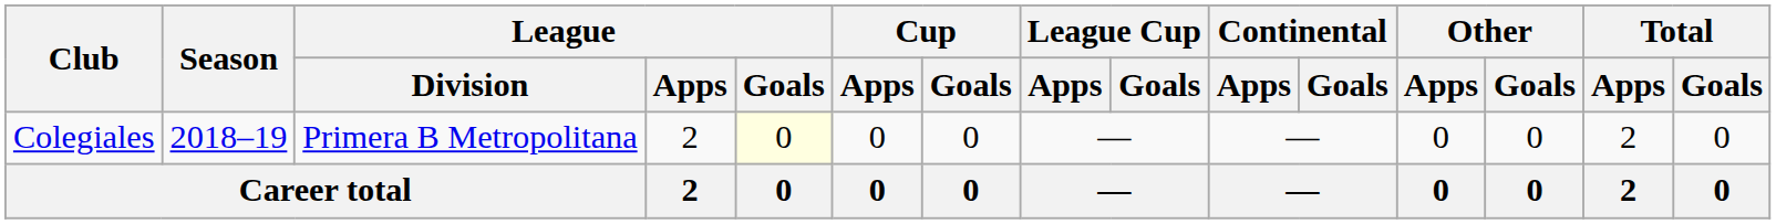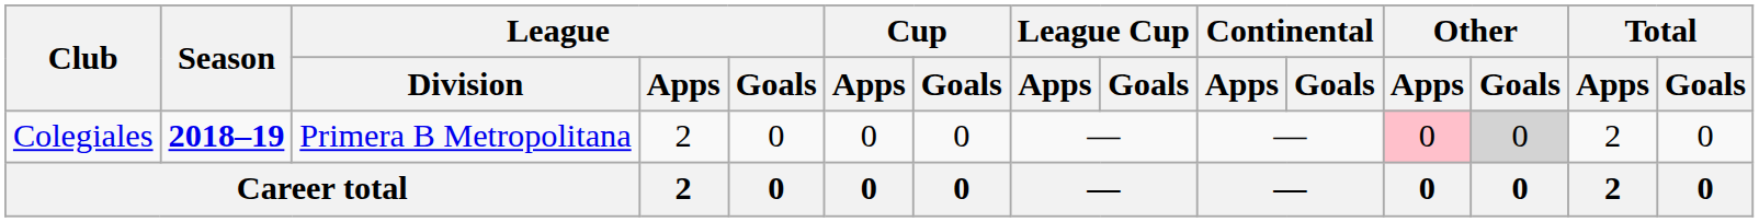 <table class="wikitable" style="text-align:center">
 <tr>
 <th rowspan="2">Club</th>
 <th rowspan="2">Season</th>
 <th colspan="3">League</th>
 <th colspan="2">Cup</th>
 <th colspan="2">League Cup</th>
 <th colspan="2">Continental</th>
 <th colspan="2">Other</th>
 <th colspan="2">Total</th>
 </tr>
 <tr>
 <th>Division</th>
 <th>Apps</th>
 <th>Goals</th>
 <th>Apps</th>
 <th>Goals</th>
 <th>Apps</th>
 <th>Goals</th>
 <th>Apps</th>
 <th>Goals</th>
 <th>Apps</th>
 <th>Goals</th>
 <th>Apps</th>
 <th>Goals</th>
 </tr>
 <tr>
 <td rowspan="1"><a href='#'>Colegiales</a></td>
-<td><a href='#'>2018–19</a></td>
+<td><strong><a href='#'>2018–19</a></strong></td>
 <td rowspan="1"><a href='#'>Primera B Metropolitana</a></td>
 <td>2</td>
-<td style="background: lightyellow;">0</td>
+<td>0</td>
 <td>0</td>
 <td>0</td>
 <td colspan="2">—</td>
 <td colspan="2">—</td>
-<td>0</td>
-<td>0</td>
+<td style="background: pink;">0</td>
+<td style="background: lightgrey;">0</td>
 <td>2</td>
 <td>0</td>
 </tr>
 <tr>
 <th colspan="3">Career total</th>
 <th>2</th>
 <th>0</th>
 <th>0</th>
 <th>0</th>
 <th colspan="2">—</th>
 <th colspan="2">—</th>
 <th>0</th>
 <th>0</th>
 <th>2</th>
 <th>0</th>
 </tr>
 </table>
